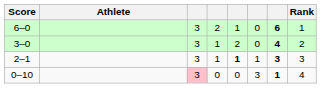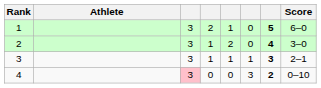 <table class="wikitable" style="text-align: center;">
 <tr>
-<th width=50>Score</th>
+<th width=25>Rank</th>
 <th width=230>Athlete</th>
 <th width=25></th>
 <th width=25></th>
 <th width=25></th>
 <th width=25></th>
 <th width=25></th>
-<th width=25>Rank</th>
+<th width=50>Score</th>
 </tr>
 <tr bgcolor=ccffcc>
-<td>6–0</td>
+<td>1</td>
 <td align=left></td>
 <td>3</td>
 <td>2</td>
 <td>1</td>
 <td>0</td>
-<td><strong>6</strong></td>
-<td>1</td>
+<td><strong>5</strong></td>
+<td>6–0</td>
 </tr>
 <tr bgcolor=ccffcc>
-<td>3–0</td>
+<td>2</td>
 <td align=left></td>
 <td>3</td>
 <td>1</td>
 <td>2</td>
 <td>0</td>
 <td><strong>4</strong></td>
-<td>2</td>
+<td>3–0</td>
 </tr>
 <tr>
-<td>2–1</td>
+<td>3</td>
 <td align=left></td>
 <td>3</td>
 <td>1</td>
-<td><strong>1</strong></td>
+<td>1</td>
 <td>1</td>
 <td><strong>3</strong></td>
-<td>3</td>
+<td>2–1</td>
 </tr>
 <tr>
-<td>0–10</td>
+<td>4</td>
 <td align=left></td>
 <td style="background: pink;">3</td>
 <td>0</td>
 <td>0</td>
 <td>3</td>
-<td><strong>1</strong></td>
-<td>4</td>
+<td><strong>2</strong></td>
+<td>0–10</td>
 </tr>
 </table>
